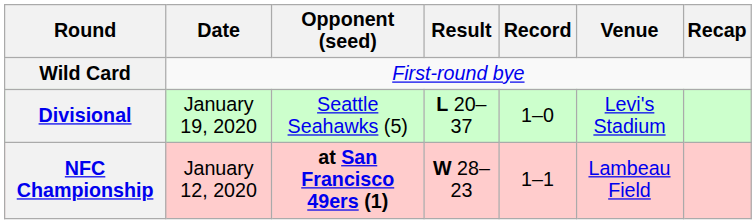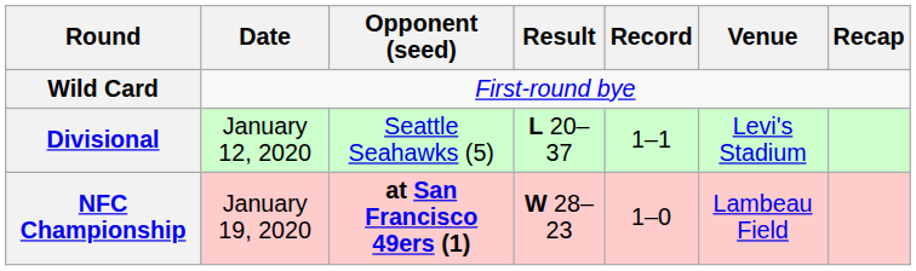 <table class="wikitable" style="text-align:center">
 <tr>
 <th>Round</th>
 <th>Date</th>
 <th>Opponent (seed)</th>
 <th>Result</th>
 <th>Record</th>
 <th>Venue</th>
 <th>Recap</th>
 </tr>
 <tr>
 <th>Wild Card</th>
 <td colspan="6"><em><a href='#'>First-round bye</a></em></td>
 </tr>
 <tr style="background:#cfc">
 <th><a href='#'>Divisional</a></th>
-<td>January 19, 2020</td>
+<td>January 12, 2020</td>
 <td><a href='#'>Seattle Seahawks</a> (5)</td>
 <td><strong>L</strong> 20–37</td>
-<td>1–0</td>
+<td>1–1</td>
 <td><a href='#'>Levi's Stadium</a></td>
 <td></td>
 </tr>
 <tr style="background:#fcc">
 <th><a href='#'>NFC Championship</a></th>
-<td>January 12, 2020</td>
+<td>January 19, 2020</td>
 <td><strong>at <a href='#'>San Francisco 49ers</a> (1)</strong></td>
 <td><strong>W</strong> 28–23</td>
-<td>1–1</td>
+<td>1–0</td>
 <td><a href='#'>Lambeau Field</a></td>
 <td></td>
 </tr>
 </table>
